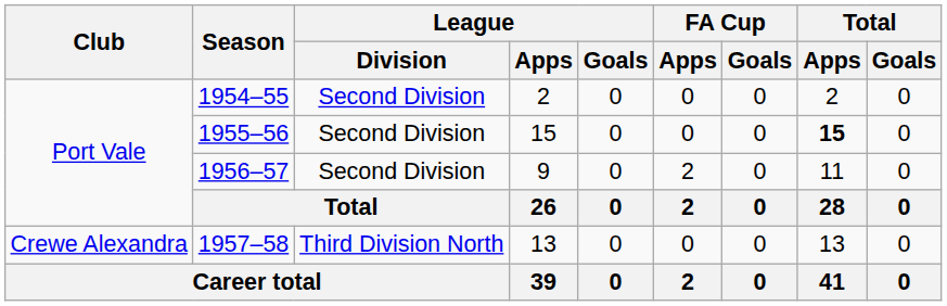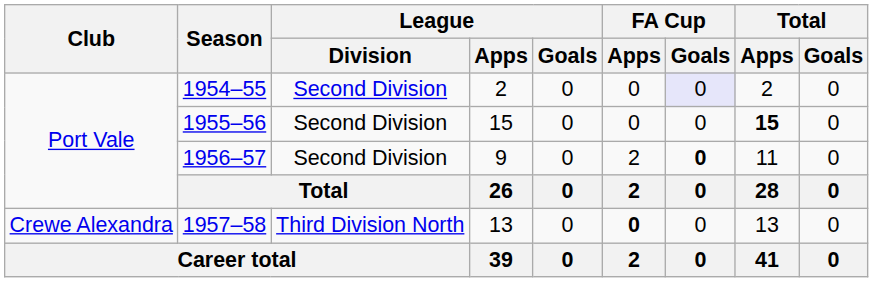 <table class="wikitable" style="text-align: center;">
 <tr>
 <th rowspan="2">Club</th>
 <th rowspan="2">Season</th>
 <th colspan="3">League</th>
 <th colspan="2">FA Cup</th>
 <th colspan="2">Total</th>
 </tr>
 <tr>
 <th>Division</th>
 <th>Apps</th>
 <th>Goals</th>
 <th>Apps</th>
 <th>Goals</th>
 <th>Apps</th>
 <th>Goals</th>
 </tr>
 <tr>
 <td rowspan="4"><a href='#'>Port Vale</a></td>
 <td><a href='#'>1954–55</a></td>
 <td><a href='#'>Second Division</a></td>
 <td>2</td>
 <td>0</td>
 <td>0</td>
-<td>0</td>
+<td style="background: lavender;">0</td>
 <td>2</td>
 <td>0</td>
 </tr>
 <tr>
 <td><a href='#'>1955–56</a></td>
 <td>Second Division</td>
 <td>15</td>
 <td>0</td>
 <td>0</td>
 <td>0</td>
 <td><strong>15</strong></td>
 <td>0</td>
 </tr>
 <tr>
 <td><a href='#'>1956–57</a></td>
 <td>Second Division</td>
 <td>9</td>
 <td>0</td>
 <td>2</td>
-<td>0</td>
+<td><strong>0</strong></td>
 <td>11</td>
 <td>0</td>
 </tr>
 <tr>
 <th colspan="2">Total</th>
 <th>26</th>
 <th>0</th>
 <th>2</th>
 <th>0</th>
 <th>28</th>
 <th>0</th>
 </tr>
 <tr>
 <td><a href='#'>Crewe Alexandra</a></td>
 <td><a href='#'>1957–58</a></td>
 <td><a href='#'>Third Division North</a></td>
 <td>13</td>
 <td>0</td>
-<td>0</td>
+<td><strong>0</strong></td>
 <td>0</td>
 <td>13</td>
 <td>0</td>
 </tr>
 <tr>
 <th colspan="3">Career total</th>
 <th>39</th>
 <th>0</th>
 <th>2</th>
 <th>0</th>
 <th>41</th>
 <th>0</th>
 </tr>
 </table>
